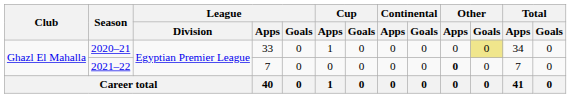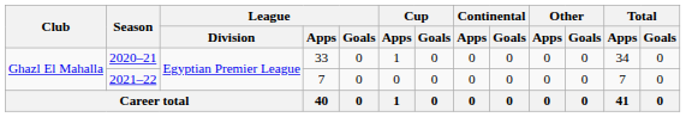 <table class="wikitable" style="text-align: center">
 <tr>
 <th rowspan="2">Club</th>
 <th rowspan="2">Season</th>
 <th colspan="3">League</th>
 <th colspan="2">Cup</th>
 <th colspan="2">Continental</th>
 <th colspan="2">Other</th>
 <th colspan="2">Total</th>
 </tr>
 <tr>
 <th>Division</th>
 <th>Apps</th>
 <th>Goals</th>
 <th>Apps</th>
 <th>Goals</th>
 <th>Apps</th>
 <th>Goals</th>
 <th>Apps</th>
 <th>Goals</th>
 <th>Apps</th>
 <th>Goals</th>
 </tr>
 <tr>
 <td rowspan="2"><a href='#'>Ghazl El Mahalla</a></td>
 <td><a href='#'>2020–21</a></td>
 <td rowspan="2"><a href='#'>Egyptian Premier League</a></td>
 <td>33</td>
 <td>0</td>
 <td>1</td>
 <td>0</td>
 <td>0</td>
 <td>0</td>
 <td>0</td>
-<td style="background: khaki;">0</td>
+<td>0</td>
 <td>34</td>
 <td>0</td>
 </tr>
 <tr>
 <td><a href='#'>2021–22</a></td>
 <td>7</td>
 <td>0</td>
 <td>0</td>
 <td>0</td>
 <td>0</td>
 <td>0</td>
-<td><strong>0</strong></td>
+<td>0</td>
 <td>0</td>
 <td>7</td>
 <td>0</td>
 </tr>
 <tr>
 <th colspan=3>Career total</th>
 <th>40</th>
 <th>0</th>
 <th>1</th>
 <th>0</th>
 <th>0</th>
 <th>0</th>
 <th>0</th>
 <th>0</th>
 <th>41</th>
 <th>0</th>
 </tr>
 </table>
